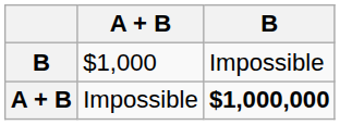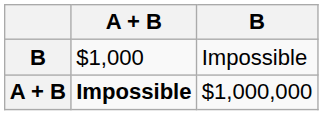 <table class="wikitable floatright">
 <tr>
 <th></th>
 <th>A + B</th>
 <th>B</th>
 </tr>
 <tr>
 <th>B</th>
 <td>$1,000</td>
 <td>Impossible</td>
 </tr>
 <tr>
 <th>A + B</th>
-<td>Impossible</td>
-<td><strong>$1,000,000</strong></td>
+<td><strong>Impossible</strong></td>
+<td>$1,000,000</td>
 </tr>
 </table>
